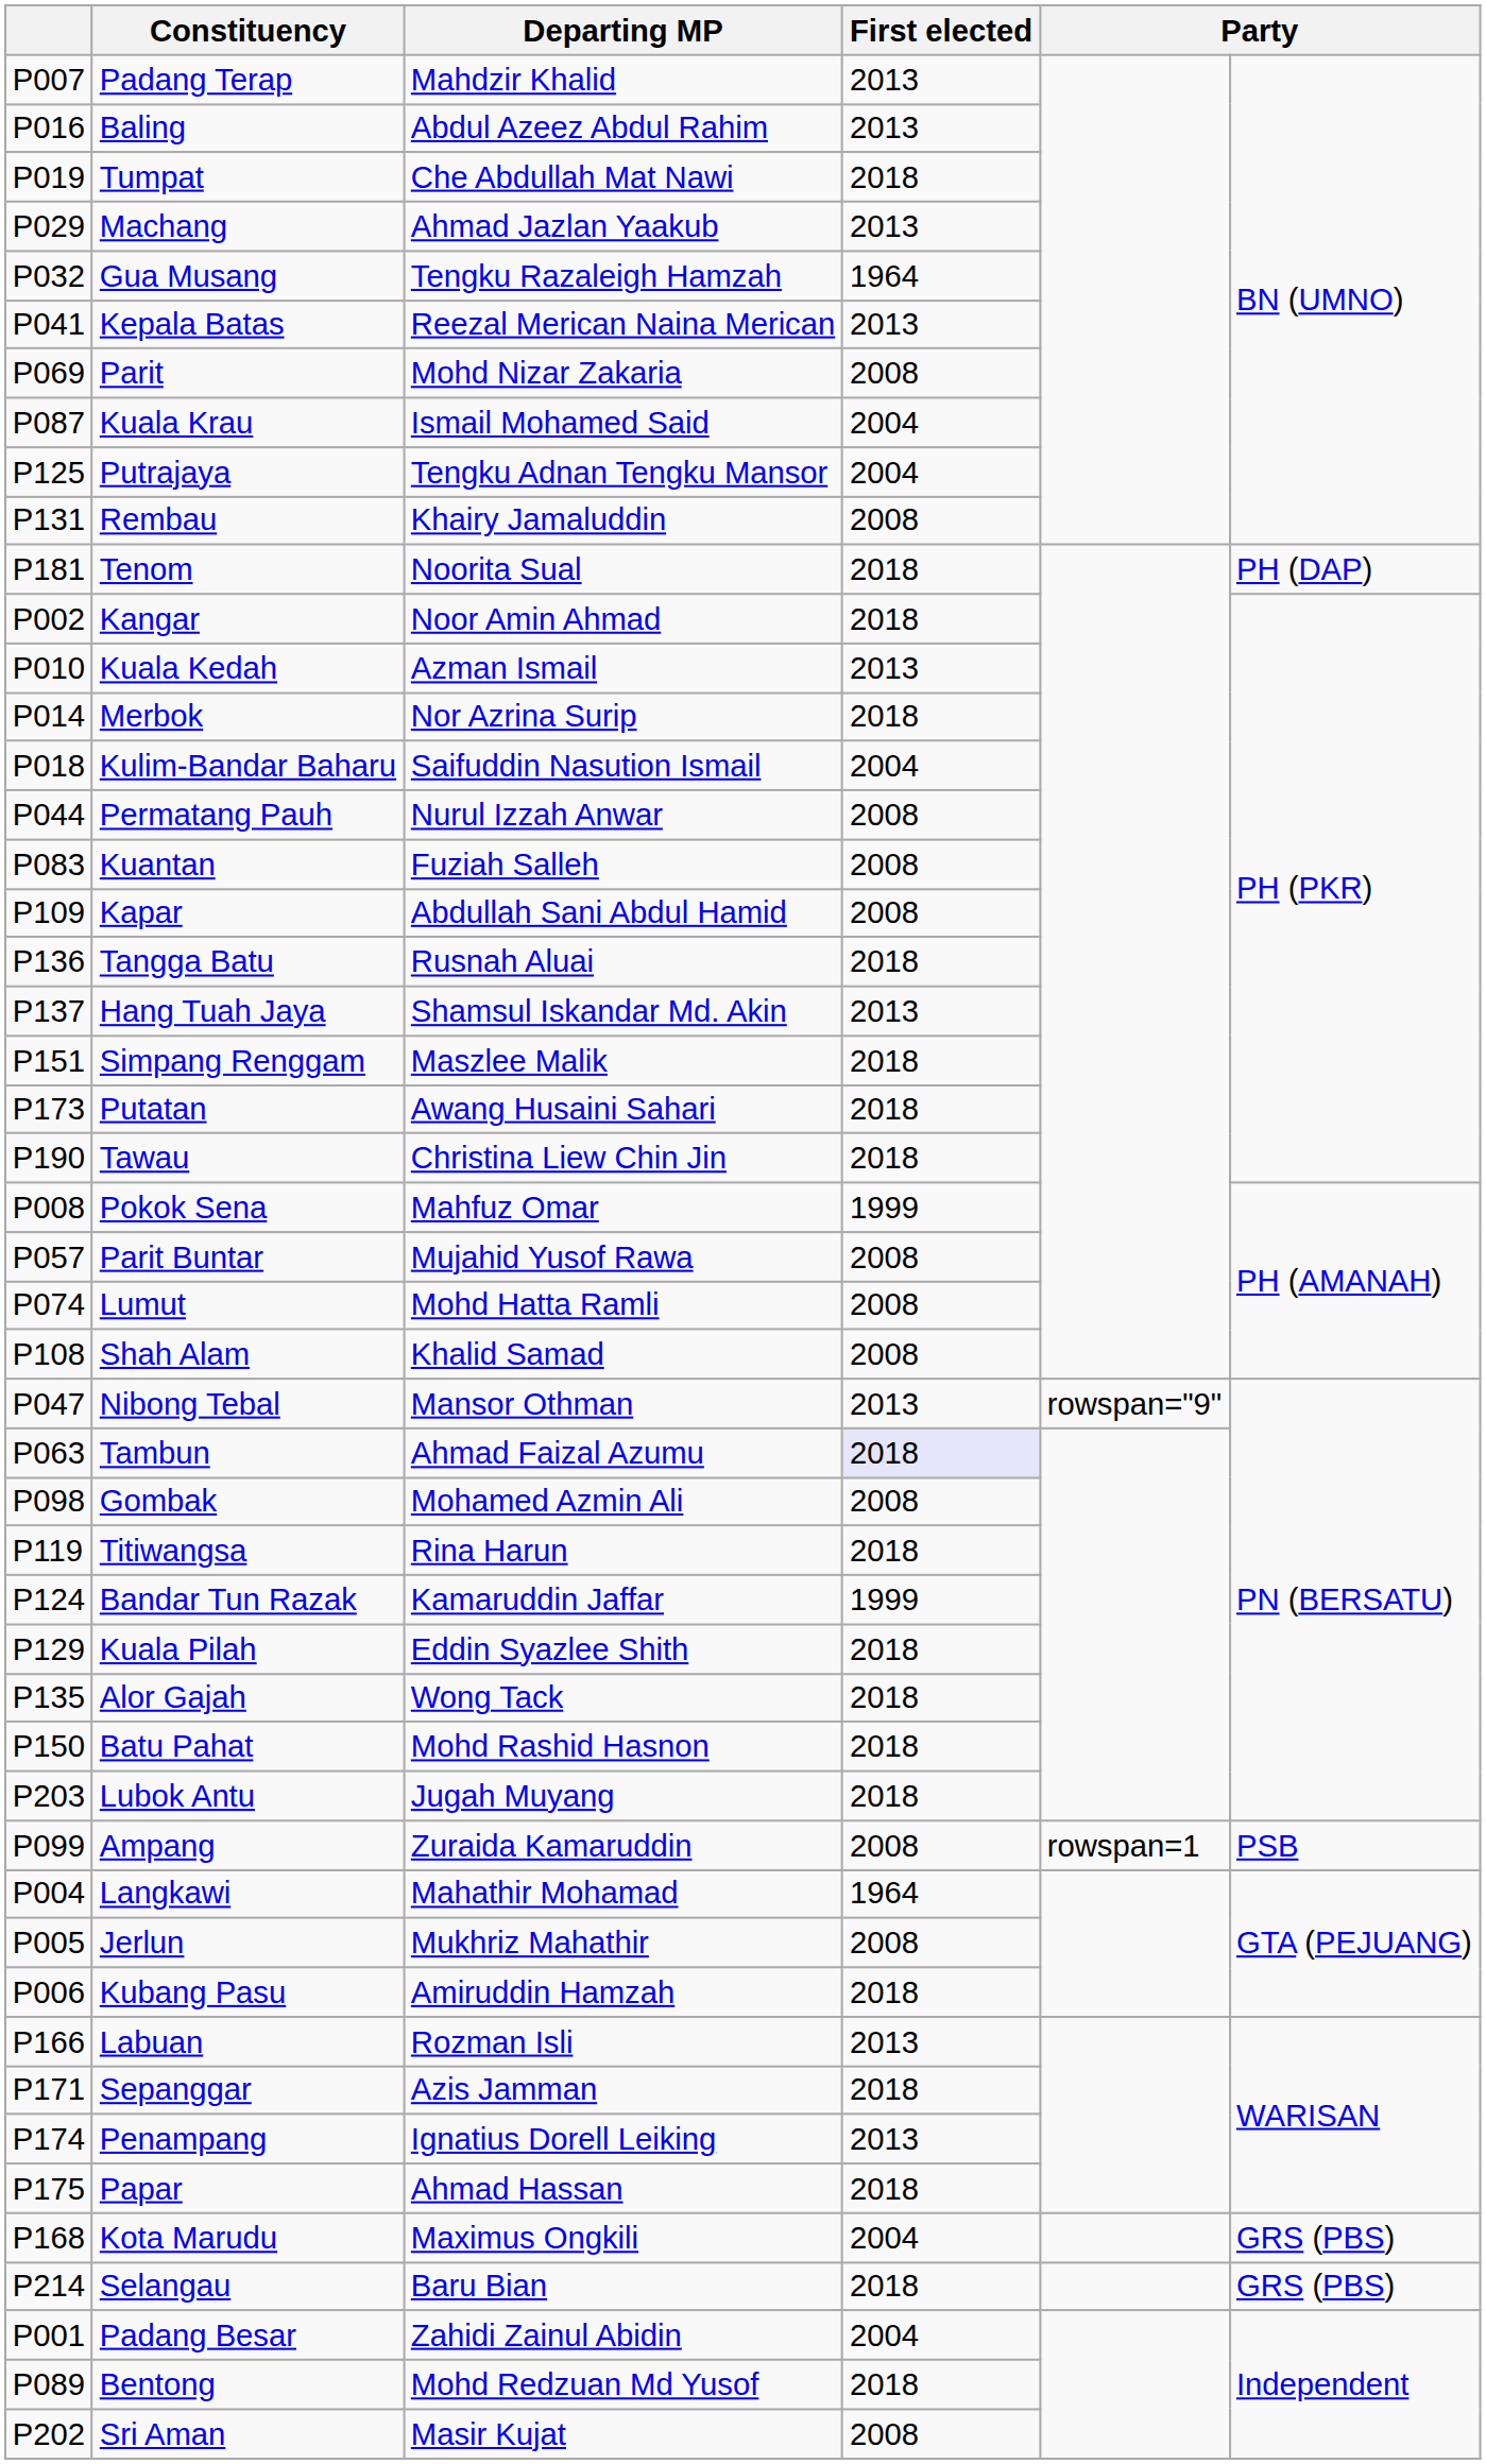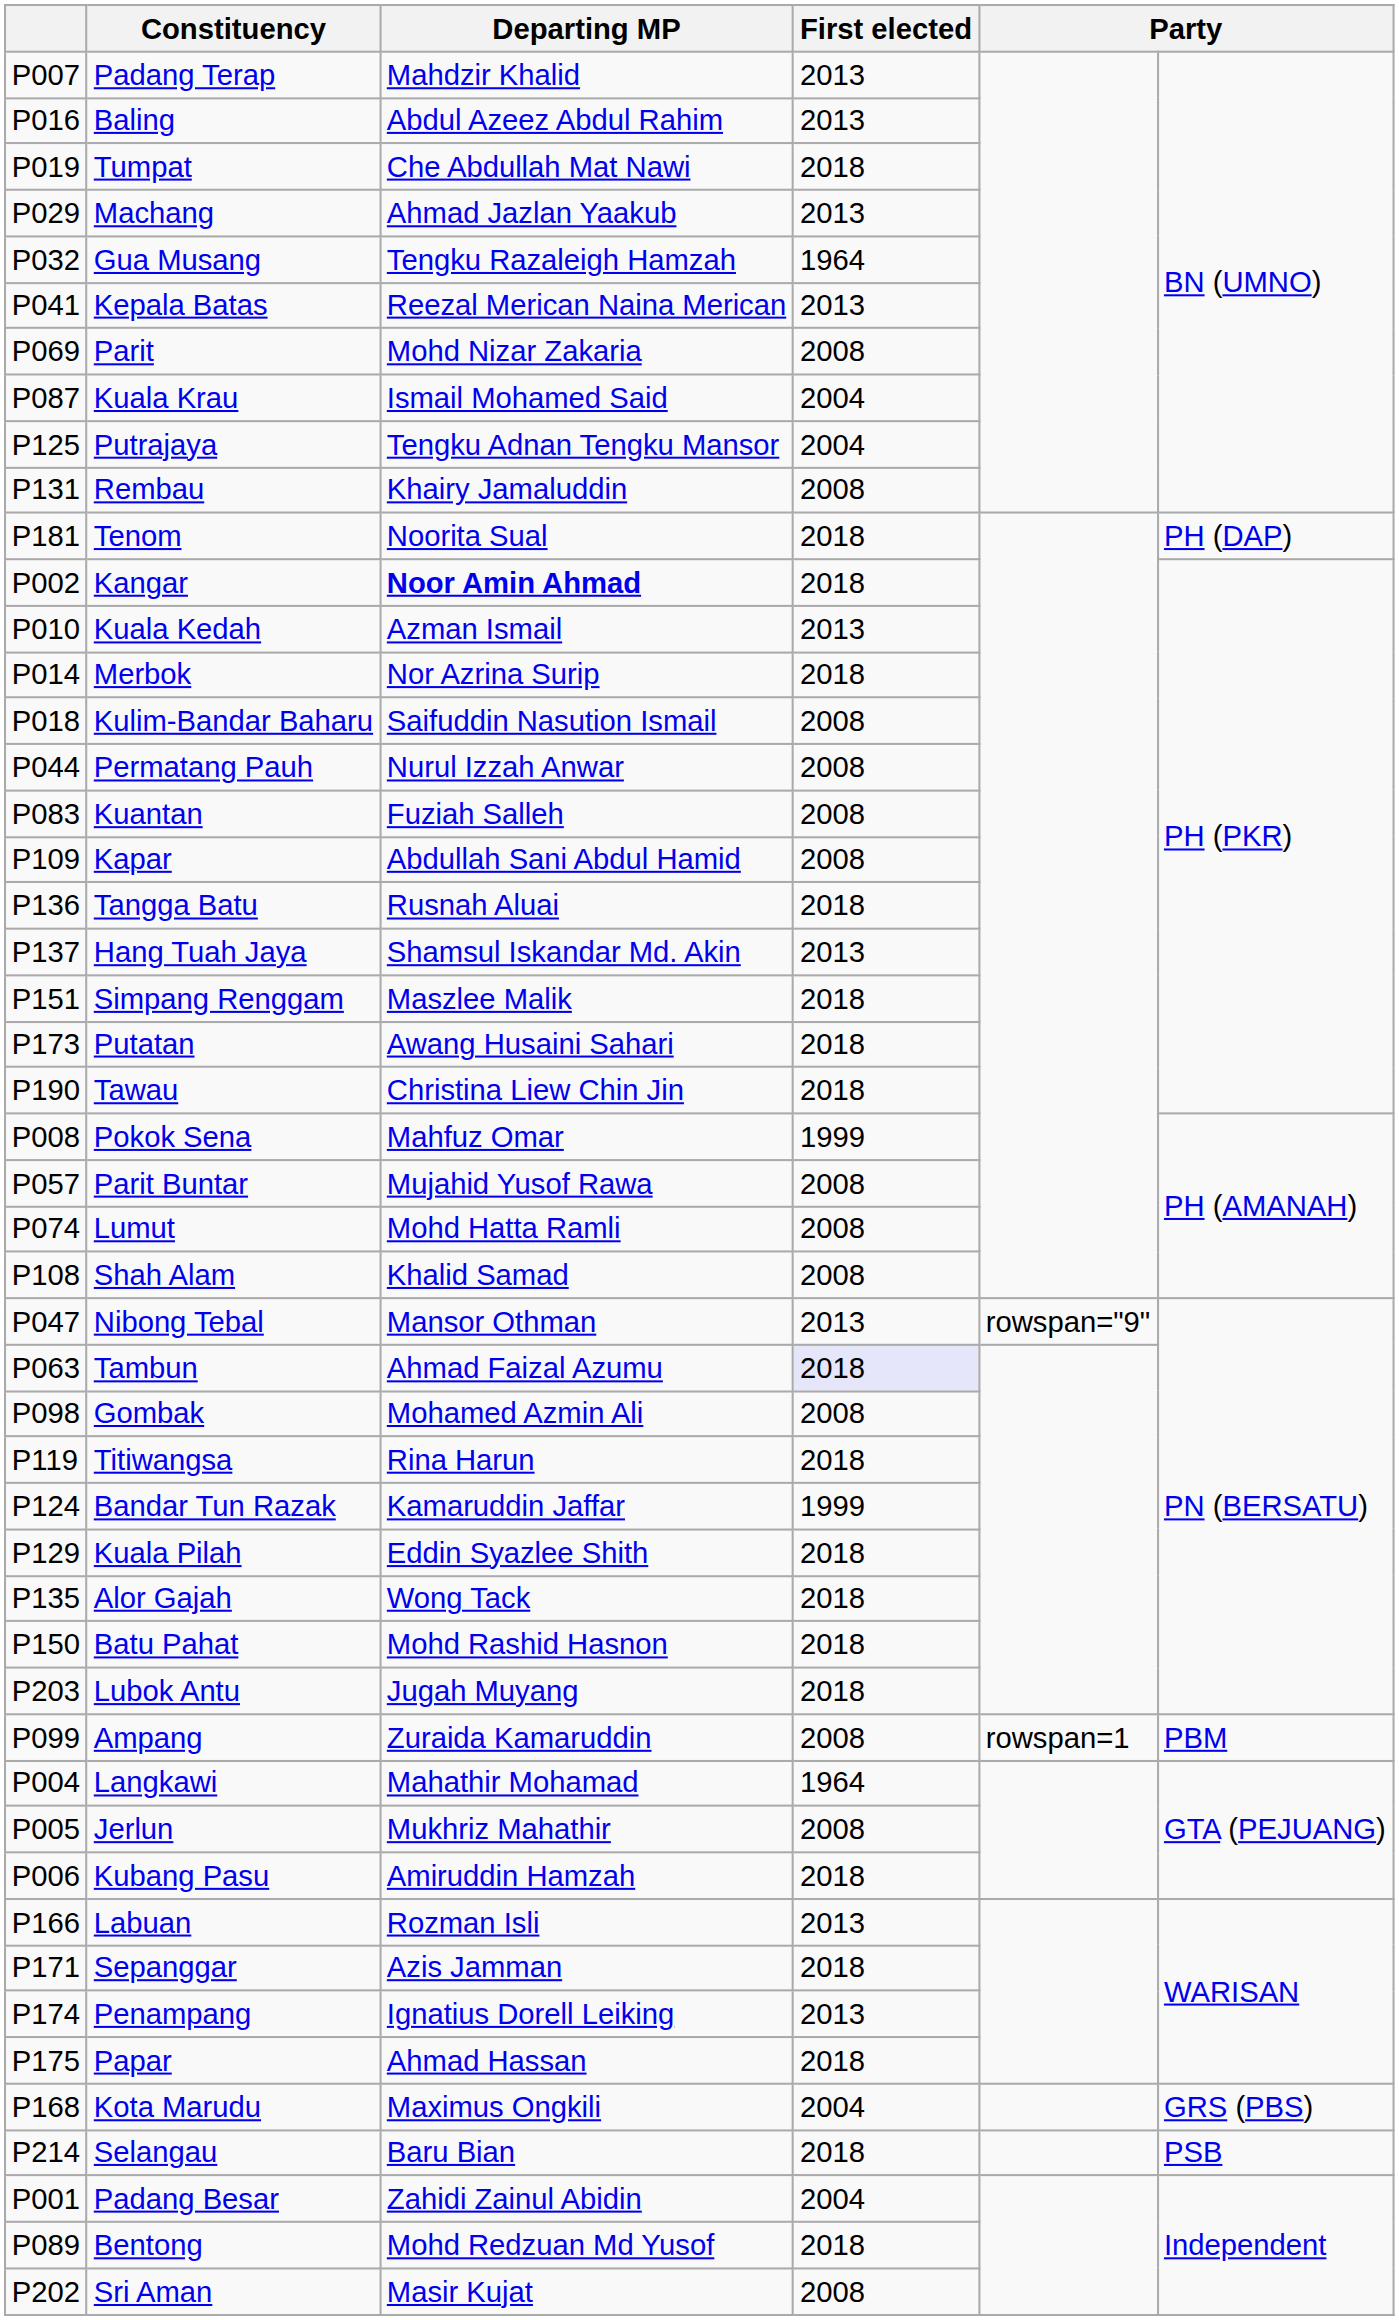 <table class="wikitable sortable" style="font-size:90%">
 <tr>
 <th></th>
 <th>Constituency</th>
 <th>Departing MP</th>
 <th>First elected</th>
 <th colspan="2">Party</th>
 </tr>
 <tr>
 <td>P007</td>
 <td><a href='#'>Padang Terap</a></td>
 <td><a href='#'>Mahdzir Khalid</a></td>
 <td>2013</td>
 <td rowspan="10"></td>
 <td rowspan="10"><a href='#'>BN</a> (<a href='#'>UMNO</a>)</td>
 </tr>
 <tr>
 <td>P016</td>
 <td><a href='#'>Baling</a></td>
 <td><a href='#'>Abdul Azeez Abdul Rahim</a></td>
 <td>2013</td>
 </tr>
 <tr>
 <td>P019</td>
 <td><a href='#'>Tumpat</a></td>
 <td><a href='#'>Che Abdullah Mat Nawi</a></td>
 <td>2018</td>
 </tr>
 <tr>
 <td>P029</td>
 <td><a href='#'>Machang</a></td>
 <td><a href='#'>Ahmad Jazlan Yaakub</a></td>
 <td>2013</td>
 </tr>
 <tr>
 <td>P032</td>
 <td><a href='#'>Gua Musang</a></td>
 <td><a href='#'>Tengku Razaleigh Hamzah</a></td>
 <td>1964</td>
 </tr>
 <tr>
 <td>P041</td>
 <td><a href='#'>Kepala Batas</a></td>
 <td><a href='#'>Reezal Merican Naina Merican</a></td>
 <td>2013</td>
 </tr>
 <tr>
 <td>P069</td>
 <td><a href='#'>Parit</a></td>
 <td><a href='#'>Mohd Nizar Zakaria</a></td>
 <td>2008</td>
 </tr>
 <tr>
 <td>P087</td>
 <td><a href='#'>Kuala Krau</a></td>
 <td><a href='#'>Ismail Mohamed Said</a></td>
 <td>2004</td>
 </tr>
 <tr>
 <td>P125</td>
 <td><a href='#'>Putrajaya</a></td>
 <td><a href='#'>Tengku Adnan Tengku Mansor</a></td>
 <td>2004</td>
 </tr>
 <tr>
 <td>P131</td>
 <td><a href='#'>Rembau</a></td>
 <td><a href='#'>Khairy Jamaluddin</a></td>
 <td>2008</td>
 </tr>
 <tr>
 <td>P181</td>
 <td><a href='#'>Tenom</a></td>
 <td><a href='#'>Noorita Sual</a></td>
 <td>2018</td>
 <td rowspan="17"></td>
 <td rowspan="1"><a href='#'>PH</a> (<a href='#'>DAP</a>)</td>
 </tr>
 <tr>
 <td>P002</td>
 <td><a href='#'>Kangar</a></td>
-<td><a href='#'>Noor Amin Ahmad</a></td>
+<td><strong><a href='#'>Noor Amin Ahmad</a></strong></td>
 <td>2018</td>
 <td rowspan="12"><a href='#'>PH</a> (<a href='#'>PKR</a>)</td>
 </tr>
 <tr>
 <td>P010</td>
 <td><a href='#'>Kuala Kedah</a></td>
 <td><a href='#'>Azman Ismail</a></td>
 <td>2013</td>
 </tr>
 <tr>
 <td>P014</td>
 <td><a href='#'>Merbok</a></td>
 <td><a href='#'>Nor Azrina Surip</a></td>
 <td>2018</td>
 </tr>
 <tr>
 <td>P018</td>
 <td><a href='#'>Kulim-Bandar Baharu</a></td>
 <td><a href='#'>Saifuddin Nasution Ismail</a></td>
-<td>2004</td>
+<td>2008</td>
 </tr>
 <tr>
 <td>P044</td>
 <td><a href='#'>Permatang Pauh</a></td>
 <td><a href='#'>Nurul Izzah Anwar</a></td>
 <td>2008</td>
 </tr>
 <tr>
 <td>P083</td>
 <td><a href='#'>Kuantan</a></td>
 <td><a href='#'>Fuziah Salleh</a></td>
 <td>2008</td>
 </tr>
 <tr>
 <td>P109</td>
 <td><a href='#'>Kapar</a></td>
 <td><a href='#'>Abdullah Sani Abdul Hamid</a></td>
 <td>2008</td>
 </tr>
 <tr>
 <td>P136</td>
 <td><a href='#'>Tangga Batu</a></td>
 <td><a href='#'>Rusnah Aluai</a></td>
 <td>2018</td>
 </tr>
 <tr>
 <td>P137</td>
 <td><a href='#'>Hang Tuah Jaya</a></td>
 <td><a href='#'>Shamsul Iskandar Md. Akin</a></td>
 <td>2013</td>
 </tr>
 <tr>
 <td>P151</td>
 <td><a href='#'>Simpang Renggam</a></td>
 <td><a href='#'>Maszlee Malik</a></td>
 <td>2018</td>
 </tr>
 <tr>
 <td>P173</td>
 <td><a href='#'>Putatan</a></td>
 <td><a href='#'>Awang Husaini Sahari</a></td>
 <td>2018</td>
 </tr>
 <tr>
 <td>P190</td>
 <td><a href='#'>Tawau</a></td>
 <td><a href='#'>Christina Liew Chin Jin</a></td>
 <td>2018</td>
 </tr>
 <tr>
 <td>P008</td>
 <td><a href='#'>Pokok Sena</a></td>
 <td><a href='#'>Mahfuz Omar</a></td>
 <td>1999</td>
 <td rowspan="4"><a href='#'>PH</a> (<a href='#'>AMANAH</a>)</td>
 </tr>
 <tr>
 <td>P057</td>
 <td><a href='#'>Parit Buntar</a></td>
 <td><a href='#'>Mujahid Yusof Rawa</a></td>
 <td>2008</td>
 </tr>
 <tr>
 <td>P074</td>
 <td><a href='#'>Lumut</a></td>
 <td><a href='#'>Mohd Hatta Ramli</a></td>
 <td>2008</td>
 </tr>
 <tr>
 <td>P108</td>
 <td><a href='#'>Shah Alam</a></td>
 <td><a href='#'>Khalid Samad</a></td>
 <td>2008</td>
 </tr>
 <tr>
 <td>P047</td>
 <td><a href='#'>Nibong Tebal</a></td>
 <td><a href='#'>Mansor Othman</a></td>
 <td>2013</td>
 <td>rowspan="9" </td>
 <td rowspan="9"><a href='#'>PN</a> (<a href='#'>BERSATU</a>)</td>
 </tr>
 <tr>
 <td>P063</td>
 <td><a href='#'>Tambun</a></td>
 <td><a href='#'>Ahmad Faizal Azumu</a></td>
 <td style="background: lavender;">2018</td>
 </tr>
 <tr>
 <td>P098</td>
 <td><a href='#'>Gombak</a></td>
 <td><a href='#'>Mohamed Azmin Ali</a></td>
 <td>2008</td>
 </tr>
 <tr>
 <td>P119</td>
 <td><a href='#'>Titiwangsa</a></td>
 <td><a href='#'>Rina Harun</a></td>
 <td>2018</td>
 </tr>
 <tr>
 <td>P124</td>
 <td><a href='#'>Bandar Tun Razak</a></td>
 <td><a href='#'>Kamaruddin Jaffar</a></td>
 <td>1999</td>
 </tr>
 <tr>
 <td>P129</td>
 <td><a href='#'>Kuala Pilah</a></td>
 <td><a href='#'>Eddin Syazlee Shith</a></td>
 <td>2018</td>
 </tr>
 <tr>
 <td>P135</td>
 <td><a href='#'>Alor Gajah</a></td>
 <td><a href='#'>Wong Tack</a></td>
 <td>2018</td>
 </tr>
 <tr>
 <td>P150</td>
 <td><a href='#'>Batu Pahat</a></td>
 <td><a href='#'>Mohd Rashid Hasnon</a></td>
 <td>2018</td>
 </tr>
 <tr>
 <td>P203</td>
 <td><a href='#'>Lubok Antu</a></td>
 <td><a href='#'>Jugah Muyang</a></td>
 <td>2018</td>
 </tr>
 <tr>
 <td>P099</td>
 <td><a href='#'>Ampang</a></td>
 <td><a href='#'>Zuraida Kamaruddin</a></td>
 <td>2008</td>
 <td>rowspan=1 </td>
-<td><a href='#'>PSB</a></td>
+<td rowspan="1"><a href='#'>PBM</a></td>
 </tr>
 <tr>
 <td>P004</td>
 <td><a href='#'>Langkawi</a></td>
 <td><a href='#'>Mahathir Mohamad</a></td>
 <td>1964</td>
 <td rowspan=3></td>
 <td rowspan="3"><a href='#'>GTA</a> (<a href='#'>PEJUANG</a>)</td>
 </tr>
 <tr>
 <td>P005</td>
 <td><a href='#'>Jerlun</a></td>
 <td><a href='#'>Mukhriz Mahathir</a></td>
 <td>2008</td>
 </tr>
 <tr>
 <td>P006</td>
 <td><a href='#'>Kubang Pasu</a></td>
 <td><a href='#'>Amiruddin Hamzah</a></td>
 <td>2018</td>
 </tr>
 <tr>
 <td>P166</td>
 <td><a href='#'>Labuan</a></td>
 <td><a href='#'>Rozman Isli</a></td>
 <td>2013</td>
 <td rowspan=4></td>
 <td rowspan="4"><a href='#'>WARISAN</a></td>
 </tr>
 <tr>
 <td>P171</td>
 <td><a href='#'>Sepanggar</a></td>
 <td><a href='#'>Azis Jamman</a></td>
 <td>2018</td>
 </tr>
 <tr>
 <td>P174</td>
 <td><a href='#'>Penampang</a></td>
 <td><a href='#'>Ignatius Dorell Leiking</a></td>
 <td>2013</td>
 </tr>
 <tr>
 <td>P175</td>
 <td><a href='#'>Papar</a></td>
 <td><a href='#'>Ahmad Hassan</a></td>
 <td>2018</td>
 </tr>
 <tr>
 <td>P168</td>
 <td><a href='#'>Kota Marudu</a></td>
 <td><a href='#'>Maximus Ongkili</a></td>
 <td>2004</td>
 <td></td>
 <td><a href='#'>GRS</a> (<a href='#'>PBS</a>)</td>
 </tr>
 <tr>
 <td>P214</td>
 <td><a href='#'>Selangau</a></td>
 <td><a href='#'>Baru Bian</a></td>
 <td>2018</td>
 <td></td>
-<td><a href='#'>GRS</a> (<a href='#'>PBS</a>)</td>
+<td><a href='#'>PSB</a></td>
 </tr>
 <tr>
 <td>P001</td>
 <td><a href='#'>Padang Besar</a></td>
 <td><a href='#'>Zahidi Zainul Abidin</a></td>
 <td>2004</td>
 <td rowspan="3"></td>
 <td rowspan="3"><a href='#'>Independent</a></td>
 </tr>
 <tr>
 <td>P089</td>
 <td><a href='#'>Bentong</a></td>
 <td><a href='#'>Mohd Redzuan Md Yusof</a></td>
 <td>2018</td>
 </tr>
 <tr>
 <td>P202</td>
 <td><a href='#'>Sri Aman</a></td>
 <td><a href='#'>Masir Kujat</a></td>
 <td>2008</td>
 </tr>
 <tr>
 </tr>
 </table>
